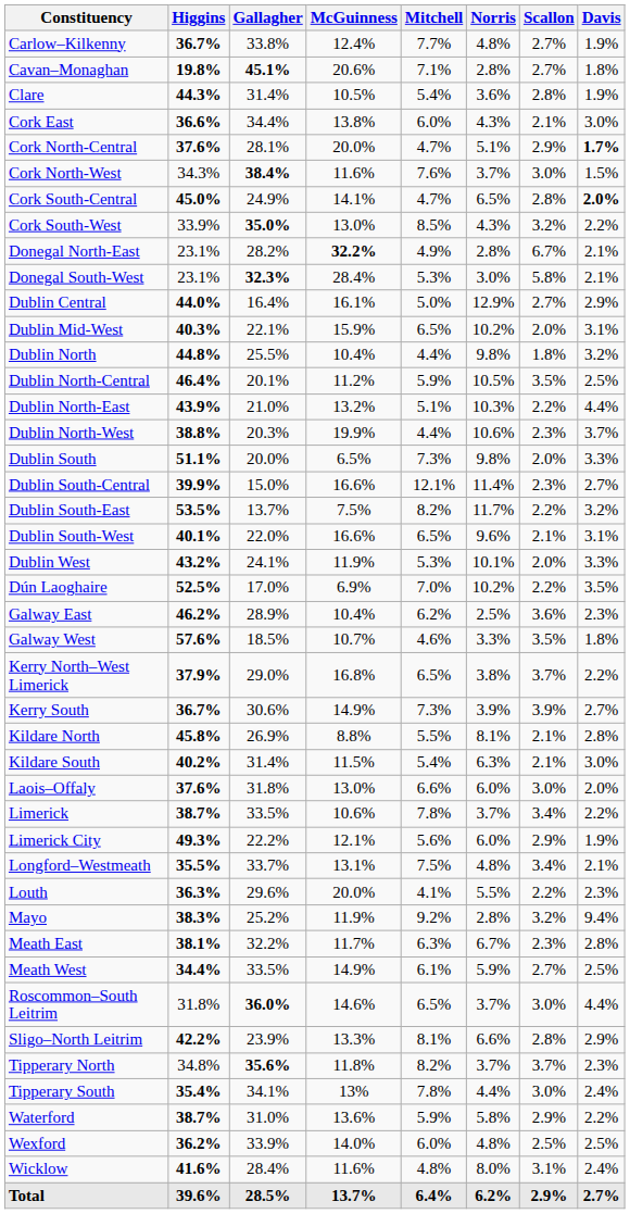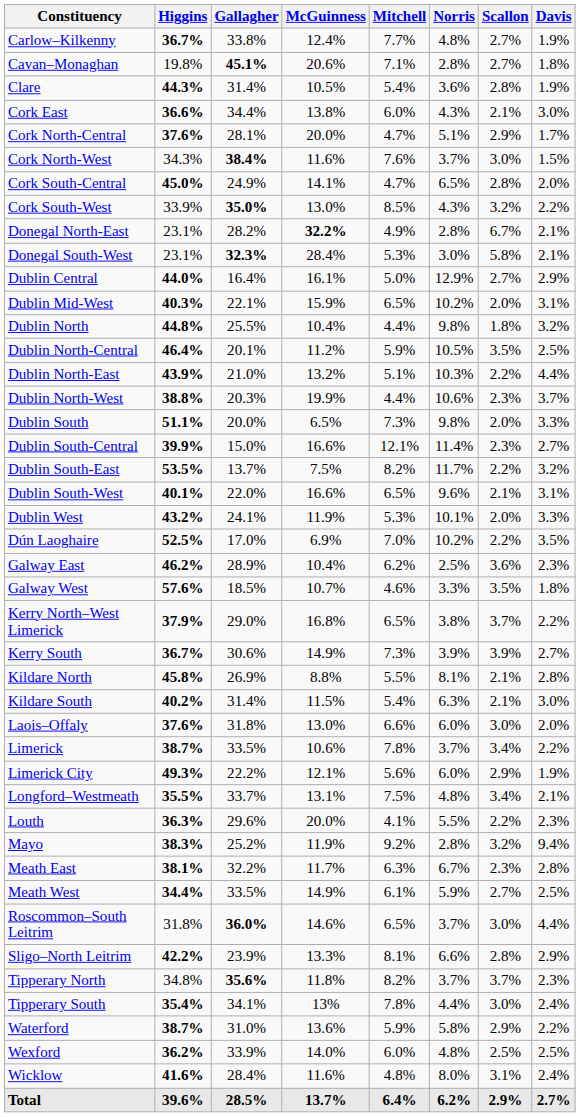 <table class="wikitable sortable collapsible" style="text-align:center;">
 <tr>
 <th>Constituency</th>
 <th><a href='#'>Higgins</a></th>
 <th><a href='#'>Gallagher</a></th>
 <th><a href='#'>McGuinness</a></th>
 <th><a href='#'>Mitchell</a></th>
 <th><a href='#'>Norris</a></th>
 <th><a href='#'>Scallon</a></th>
 <th><a href='#'>Davis</a></th>
 </tr>
 <tr>
 <td style="text-align:left;"><a href='#'>Carlow–Kilkenny</a></td>
 <td><strong>36.7%</strong></td>
 <td>33.8%</td>
 <td>12.4%</td>
 <td>7.7%</td>
 <td>4.8%</td>
 <td>2.7%</td>
 <td>1.9%</td>
 </tr>
 <tr>
 <td style="text-align:left;"><a href='#'>Cavan–Monaghan</a></td>
-<td><strong>19.8%</strong></td>
+<td>19.8%</td>
 <td><strong>45.1%</strong></td>
 <td>20.6%</td>
 <td>7.1%</td>
 <td>2.8%</td>
 <td>2.7%</td>
 <td>1.8%</td>
 </tr>
 <tr>
 <td style="text-align:left;"><a href='#'>Clare</a></td>
 <td><strong>44.3%</strong></td>
 <td>31.4%</td>
 <td>10.5%</td>
 <td>5.4%</td>
 <td>3.6%</td>
 <td>2.8%</td>
 <td>1.9%</td>
 </tr>
 <tr>
 <td style="text-align:left;"><a href='#'>Cork East</a></td>
 <td><strong>36.6%</strong></td>
 <td>34.4%</td>
 <td>13.8%</td>
 <td>6.0%</td>
 <td>4.3%</td>
 <td>2.1%</td>
 <td>3.0%</td>
 </tr>
 <tr>
 <td style="text-align:left;"><a href='#'>Cork North-Central</a></td>
 <td><strong>37.6%</strong></td>
 <td>28.1%</td>
 <td>20.0%</td>
 <td>4.7%</td>
 <td>5.1%</td>
 <td>2.9%</td>
-<td><strong>1.7%</strong></td>
+<td>1.7%</td>
 </tr>
 <tr>
 <td style="text-align:left;"><a href='#'>Cork North-West</a></td>
 <td>34.3%</td>
 <td><strong>38.4%</strong></td>
 <td>11.6%</td>
 <td>7.6%</td>
 <td>3.7%</td>
 <td>3.0%</td>
 <td>1.5%</td>
 </tr>
 <tr>
 <td style="text-align:left;"><a href='#'>Cork South-Central</a></td>
 <td><strong>45.0%</strong></td>
 <td>24.9%</td>
 <td>14.1%</td>
 <td>4.7%</td>
 <td>6.5%</td>
 <td>2.8%</td>
-<td><strong>2.0%</strong></td>
+<td>2.0%</td>
 </tr>
 <tr>
 <td style="text-align:left;"><a href='#'>Cork South-West</a></td>
 <td>33.9%</td>
 <td><strong>35.0%</strong></td>
 <td>13.0%</td>
 <td>8.5%</td>
 <td>4.3%</td>
 <td>3.2%</td>
 <td>2.2%</td>
 </tr>
 <tr>
 <td style="text-align:left;"><a href='#'>Donegal North-East</a></td>
 <td>23.1%</td>
 <td>28.2%</td>
 <td><strong>32.2%</strong></td>
 <td>4.9%</td>
 <td>2.8%</td>
 <td>6.7%</td>
 <td>2.1%</td>
 </tr>
 <tr>
 <td style="text-align:left;"><a href='#'>Donegal South-West</a></td>
 <td>23.1%</td>
 <td><strong>32.3%</strong></td>
 <td>28.4%</td>
 <td>5.3%</td>
 <td>3.0%</td>
 <td>5.8%</td>
 <td>2.1%</td>
 </tr>
 <tr>
 <td style="text-align:left;"><a href='#'>Dublin Central</a></td>
 <td><strong>44.0%</strong></td>
 <td>16.4%</td>
 <td>16.1%</td>
 <td>5.0%</td>
 <td>12.9%</td>
 <td>2.7%</td>
 <td>2.9%</td>
 </tr>
 <tr>
 <td style="text-align:left;"><a href='#'>Dublin Mid-West</a></td>
 <td><strong>40.3%</strong></td>
 <td>22.1%</td>
 <td>15.9%</td>
 <td>6.5%</td>
 <td>10.2%</td>
 <td>2.0%</td>
 <td>3.1%</td>
 </tr>
 <tr>
 <td style="text-align:left;"><a href='#'>Dublin North</a></td>
 <td><strong>44.8%</strong></td>
 <td>25.5%</td>
 <td>10.4%</td>
 <td>4.4%</td>
 <td>9.8%</td>
 <td>1.8%</td>
 <td>3.2%</td>
 </tr>
 <tr>
 <td style="text-align:left;"><a href='#'>Dublin North-Central</a></td>
 <td><strong>46.4%</strong></td>
 <td>20.1%</td>
 <td>11.2%</td>
 <td>5.9%</td>
 <td>10.5%</td>
 <td>3.5%</td>
 <td>2.5%</td>
 </tr>
 <tr>
 <td style="text-align:left;"><a href='#'>Dublin North-East</a></td>
 <td><strong>43.9%</strong></td>
 <td>21.0%</td>
 <td>13.2%</td>
 <td>5.1%</td>
 <td>10.3%</td>
 <td>2.2%</td>
 <td>4.4%</td>
 </tr>
 <tr>
 <td style="text-align:left;"><a href='#'>Dublin North-West</a></td>
 <td><strong>38.8%</strong></td>
 <td>20.3%</td>
 <td>19.9%</td>
 <td>4.4%</td>
 <td>10.6%</td>
 <td>2.3%</td>
 <td>3.7%</td>
 </tr>
 <tr>
 <td style="text-align:left;"><a href='#'>Dublin South</a></td>
 <td><strong>51.1%</strong></td>
 <td>20.0%</td>
 <td>6.5%</td>
 <td>7.3%</td>
 <td>9.8%</td>
 <td>2.0%</td>
 <td>3.3%</td>
 </tr>
 <tr>
 <td style="text-align:left;"><a href='#'>Dublin South-Central</a></td>
 <td><strong>39.9%</strong></td>
 <td>15.0%</td>
 <td>16.6%</td>
 <td>12.1%</td>
 <td>11.4%</td>
 <td>2.3%</td>
 <td>2.7%</td>
 </tr>
 <tr>
 <td style="text-align:left;"><a href='#'>Dublin South-East</a></td>
 <td><strong>53.5%</strong></td>
 <td>13.7%</td>
 <td>7.5%</td>
 <td>8.2%</td>
 <td>11.7%</td>
 <td>2.2%</td>
 <td>3.2%</td>
 </tr>
 <tr>
 <td style="text-align:left;"><a href='#'>Dublin South-West</a></td>
 <td><strong>40.1%</strong></td>
 <td>22.0%</td>
 <td>16.6%</td>
 <td>6.5%</td>
 <td>9.6%</td>
 <td>2.1%</td>
 <td>3.1%</td>
 </tr>
 <tr>
 <td style="text-align:left;"><a href='#'>Dublin West</a></td>
 <td><strong>43.2%</strong></td>
 <td>24.1%</td>
 <td>11.9%</td>
 <td>5.3%</td>
 <td>10.1%</td>
 <td>2.0%</td>
 <td>3.3%</td>
 </tr>
 <tr>
 <td style="text-align:left;"><a href='#'>Dún Laoghaire</a></td>
 <td><strong>52.5%</strong></td>
 <td>17.0%</td>
 <td>6.9%</td>
 <td>7.0%</td>
 <td>10.2%</td>
 <td>2.2%</td>
 <td>3.5%</td>
 </tr>
 <tr>
 <td style="text-align:left;"><a href='#'>Galway East</a></td>
 <td><strong>46.2%</strong></td>
 <td>28.9%</td>
 <td>10.4%</td>
 <td>6.2%</td>
 <td>2.5%</td>
 <td>3.6%</td>
 <td>2.3%</td>
 </tr>
 <tr>
 <td style="text-align:left;"><a href='#'>Galway West</a></td>
 <td><strong>57.6%</strong></td>
 <td>18.5%</td>
 <td>10.7%</td>
 <td>4.6%</td>
 <td>3.3%</td>
 <td>3.5%</td>
 <td>1.8%</td>
 </tr>
 <tr>
 <td style="text-align:left;"><a href='#'>Kerry North–West Limerick</a></td>
 <td><strong>37.9%</strong></td>
 <td>29.0%</td>
 <td>16.8%</td>
 <td>6.5%</td>
 <td>3.8%</td>
 <td>3.7%</td>
 <td>2.2%</td>
 </tr>
 <tr>
 <td style="text-align:left;"><a href='#'>Kerry South</a></td>
 <td><strong>36.7%</strong></td>
 <td>30.6%</td>
 <td>14.9%</td>
 <td>7.3%</td>
 <td>3.9%</td>
 <td>3.9%</td>
 <td>2.7%</td>
 </tr>
 <tr>
 <td style="text-align:left;"><a href='#'>Kildare North</a></td>
 <td><strong>45.8%</strong></td>
 <td>26.9%</td>
 <td>8.8%</td>
 <td>5.5%</td>
 <td>8.1%</td>
 <td>2.1%</td>
 <td>2.8%</td>
 </tr>
 <tr>
 <td style="text-align:left;"><a href='#'>Kildare South</a></td>
 <td><strong>40.2%</strong></td>
 <td>31.4%</td>
 <td>11.5%</td>
 <td>5.4%</td>
 <td>6.3%</td>
 <td>2.1%</td>
 <td>3.0%</td>
 </tr>
 <tr>
 <td style="text-align:left;"><a href='#'>Laois–Offaly</a></td>
 <td><strong>37.6%</strong></td>
 <td>31.8%</td>
 <td>13.0%</td>
 <td>6.6%</td>
 <td>6.0%</td>
 <td>3.0%</td>
 <td>2.0%</td>
 </tr>
 <tr>
 <td style="text-align:left;"><a href='#'>Limerick</a></td>
 <td><strong>38.7%</strong></td>
 <td>33.5%</td>
 <td>10.6%</td>
 <td>7.8%</td>
 <td>3.7%</td>
 <td>3.4%</td>
 <td>2.2%</td>
 </tr>
 <tr>
 <td style="text-align:left;"><a href='#'>Limerick City</a></td>
 <td><strong>49.3%</strong></td>
 <td>22.2%</td>
 <td>12.1%</td>
 <td>5.6%</td>
 <td>6.0%</td>
 <td>2.9%</td>
 <td>1.9%</td>
 </tr>
 <tr>
 <td style="text-align:left;"><a href='#'>Longford–Westmeath</a></td>
 <td><strong>35.5%</strong></td>
 <td>33.7%</td>
 <td>13.1%</td>
 <td>7.5%</td>
 <td>4.8%</td>
 <td>3.4%</td>
 <td>2.1%</td>
 </tr>
 <tr>
 <td style="text-align:left;"><a href='#'>Louth</a></td>
 <td><strong>36.3%</strong></td>
 <td>29.6%</td>
 <td>20.0%</td>
 <td>4.1%</td>
 <td>5.5%</td>
 <td>2.2%</td>
 <td>2.3%</td>
 </tr>
 <tr>
 <td style="text-align:left;"><a href='#'>Mayo</a></td>
 <td><strong>38.3%</strong></td>
 <td>25.2%</td>
 <td>11.9%</td>
 <td>9.2%</td>
 <td>2.8%</td>
 <td>3.2%</td>
 <td>9.4%</td>
 </tr>
 <tr>
 <td style="text-align:left;"><a href='#'>Meath East</a></td>
 <td><strong>38.1%</strong></td>
 <td>32.2%</td>
 <td>11.7%</td>
 <td>6.3%</td>
 <td>6.7%</td>
 <td>2.3%</td>
 <td>2.8%</td>
 </tr>
 <tr>
 <td style="text-align:left;"><a href='#'>Meath West</a></td>
 <td><strong>34.4%</strong></td>
 <td>33.5%</td>
 <td>14.9%</td>
 <td>6.1%</td>
 <td>5.9%</td>
 <td>2.7%</td>
 <td>2.5%</td>
 </tr>
 <tr>
 <td style="text-align:left;"><a href='#'>Roscommon–South Leitrim</a></td>
 <td>31.8%</td>
 <td><strong>36.0%</strong></td>
 <td>14.6%</td>
 <td>6.5%</td>
 <td>3.7%</td>
 <td>3.0%</td>
 <td>4.4%</td>
 </tr>
 <tr>
 <td style="text-align:left;"><a href='#'>Sligo–North Leitrim</a></td>
 <td><strong>42.2%</strong></td>
 <td>23.9%</td>
 <td>13.3%</td>
 <td>8.1%</td>
 <td>6.6%</td>
 <td>2.8%</td>
 <td>2.9%</td>
 </tr>
 <tr>
 <td style="text-align:left;"><a href='#'>Tipperary North</a></td>
 <td>34.8%</td>
 <td><strong>35.6%</strong></td>
 <td>11.8%</td>
 <td>8.2%</td>
 <td>3.7%</td>
 <td>3.7%</td>
 <td>2.3%</td>
 </tr>
 <tr>
 <td style="text-align:left;"><a href='#'>Tipperary South</a></td>
 <td><strong>35.4%</strong></td>
 <td>34.1%</td>
 <td>13%</td>
 <td>7.8%</td>
 <td>4.4%</td>
 <td>3.0%</td>
 <td>2.4%</td>
 </tr>
 <tr>
 <td style="text-align:left;"><a href='#'>Waterford</a></td>
 <td><strong>38.7%</strong></td>
 <td>31.0%</td>
 <td>13.6%</td>
 <td>5.9%</td>
 <td>5.8%</td>
 <td>2.9%</td>
 <td>2.2%</td>
 </tr>
 <tr>
 <td style="text-align:left;"><a href='#'>Wexford</a></td>
 <td><strong>36.2%</strong></td>
 <td>33.9%</td>
 <td>14.0%</td>
 <td>6.0%</td>
 <td>4.8%</td>
 <td>2.5%</td>
 <td>2.5%</td>
 </tr>
 <tr>
 <td style="text-align:left;"><a href='#'>Wicklow</a></td>
 <td><strong>41.6%</strong></td>
 <td>28.4%</td>
 <td>11.6%</td>
 <td>4.8%</td>
 <td>8.0%</td>
 <td>3.1%</td>
 <td>2.4%</td>
 </tr>
 <tr class="sortbottom" style="font-weight:bold; background:rgb(232,232,232);">
 <td style="text-align:left;">Total</td>
 <td>39.6%</td>
 <td>28.5%</td>
 <td>13.7%</td>
 <td>6.4%</td>
 <td>6.2%</td>
 <td>2.9%</td>
 <td>2.7%</td>
 </tr>
 </table>
